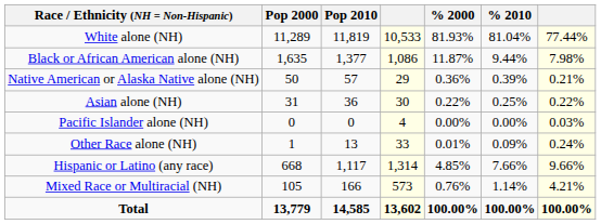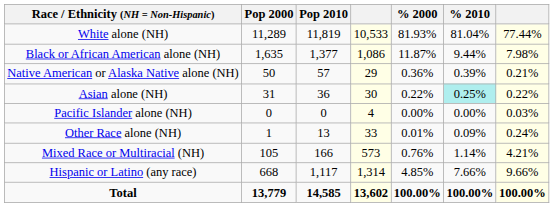 <table class="wikitable" style="text-align:center;">
 <tr>
 <th>Race / Ethnicity <small>(<em>NH = Non-Hispanic</em>)</small></th>
 <th>Pop 2000</th>
 <th>Pop 2010</th>
 <th></th>
 <th>% 2000</th>
 <th>% 2010</th>
 <th></th>
 </tr>
 <tr>
 <td><a href='#'>White</a> alone (NH)</td>
 <td>11,289</td>
 <td>11,819</td>
 <td style='background: #ffffe6;'>10,533</td>
 <td>81.93%</td>
 <td>81.04%</td>
 <td style='background: #ffffe6;'>77.44%</td>
 </tr>
 <tr>
 <td><a href='#'>Black or African American</a> alone (NH)</td>
 <td>1,635</td>
 <td>1,377</td>
 <td style='background: #ffffe6;'>1,086</td>
 <td>11.87%</td>
 <td>9.44%</td>
 <td style='background: #ffffe6;'>7.98%</td>
 </tr>
 <tr>
 <td><a href='#'>Native American</a> or <a href='#'>Alaska Native</a> alone (NH)</td>
 <td>50</td>
 <td>57</td>
 <td style='background: #ffffe6;'>29</td>
 <td>0.36%</td>
 <td>0.39%</td>
 <td style='background: #ffffe6;'>0.21%</td>
 </tr>
 <tr>
 <td><a href='#'>Asian</a> alone (NH)</td>
 <td>31</td>
 <td>36</td>
 <td style='background: #ffffe6;'>30</td>
 <td>0.22%</td>
-<td>0.25%</td>
+<td style="background: paleturquoise;">0.25%</td>
 <td style='background: #ffffe6;'>0.22%</td>
 </tr>
 <tr>
 <td><a href='#'>Pacific Islander</a> alone (NH)</td>
 <td>0</td>
 <td>0</td>
 <td style='background: #ffffe6;'>4</td>
 <td>0.00%</td>
 <td>0.00%</td>
 <td style='background: #ffffe6;'>0.03%</td>
 </tr>
 <tr>
 <td><a href='#'>Other Race</a> alone (NH)</td>
 <td>1</td>
 <td>13</td>
 <td style='background: #ffffe6;'>33</td>
 <td>0.01%</td>
 <td>0.09%</td>
 <td style='background: #ffffe6;'>0.24%</td>
 </tr>
 <tr>
+<td><a href='#'>Mixed Race or Multiracial</a> (NH)</td>
+<td>105</td>
+<td>166</td>
+<td style='background: #ffffe6;'>573</td>
+<td>0.76%</td>
+<td>1.14%</td>
+<td style='background: #ffffe6;'>4.21%</td>
+</tr>
+<tr>
 <td><a href='#'>Hispanic or Latino</a> (any race)</td>
 <td>668</td>
 <td>1,117</td>
 <td style='background: #ffffe6;'>1,314</td>
 <td>4.85%</td>
 <td>7.66%</td>
 <td style='background: #ffffe6;'>9.66%</td>
-</tr>
-<tr>
-<td><a href='#'>Mixed Race or Multiracial</a> (NH)</td>
-<td>105</td>
-<td>166</td>
-<td style='background: #ffffe6;'>573</td>
-<td>0.76%</td>
-<td>1.14%</td>
-<td style='background: #ffffe6;'>4.21%</td>
 </tr>
 <tr>
 <td><strong>Total</strong></td>
 <td><strong>13,779</strong></td>
 <td><strong>14,585</strong></td>
 <td style='background: #ffffe6;'><strong>13,602</strong></td>
 <td><strong>100.00%</strong></td>
 <td><strong>100.00%</strong></td>
 <td style='background: #ffffe6;'><strong>100.00%</strong></td>
 </tr>
 </table>
